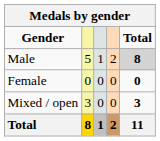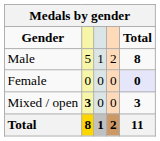 <table class="wikitable" style="text-align:center;font-size:90%">
 <tr style="background:#efefef;">
 <th colspan=7><strong>Medals by gender</strong></th>
 </tr>
 <tr>
 <td><strong>Gender</strong></td>
 <td bgcolor=#f7f6a8></td>
 <td bgcolor=#dce5e5></td>
 <td bgcolor=#ffdab9></td>
 <td><strong>Total</strong></td>
 </tr>
 <tr>
 <td style="text-align:left;">Male</td>
 <td style="background:#F7F6A8;">5</td>
 <td style="background:#DCE5E5;">1</td>
 <td style="background:#FFDAB9;">2</td>
-<td style="background: lightgrey;"><strong>8</strong></td>
+<td><strong>8</strong></td>
 </tr>
 <tr>
 <td style="text-align:left;">Female</td>
 <td style="background:#F7F6A8;">0</td>
 <td style="background:#DCE5E5;">0</td>
 <td style="background:#FFDAB9;">0</td>
-<td><strong>0</strong></td>
+<td style="background: lavender;"><strong>0</strong></td>
 </tr>
 <tr>
 <td style="text-align:left;">Mixed / open</td>
-<td style="background:#F7F6A8;">3</td>
+<td style="background:#F7F6A8;"><strong>3</strong></td>
 <td style="background:#DCE5E5;">0</td>
 <td style="background:#FFDAB9;">0</td>
 <td><strong>3</strong></td>
 </tr>
 <tr>
 <th style="text-align:left;"><strong>Total</strong></th>
 <th style="background:gold;"><strong>8</strong></th>
 <th style="background:silver;"><strong>1</strong></th>
 <th style="background:#c96;"><strong>2</strong></th>
 <th><strong>11</strong></th>
 </tr>
 </table>
